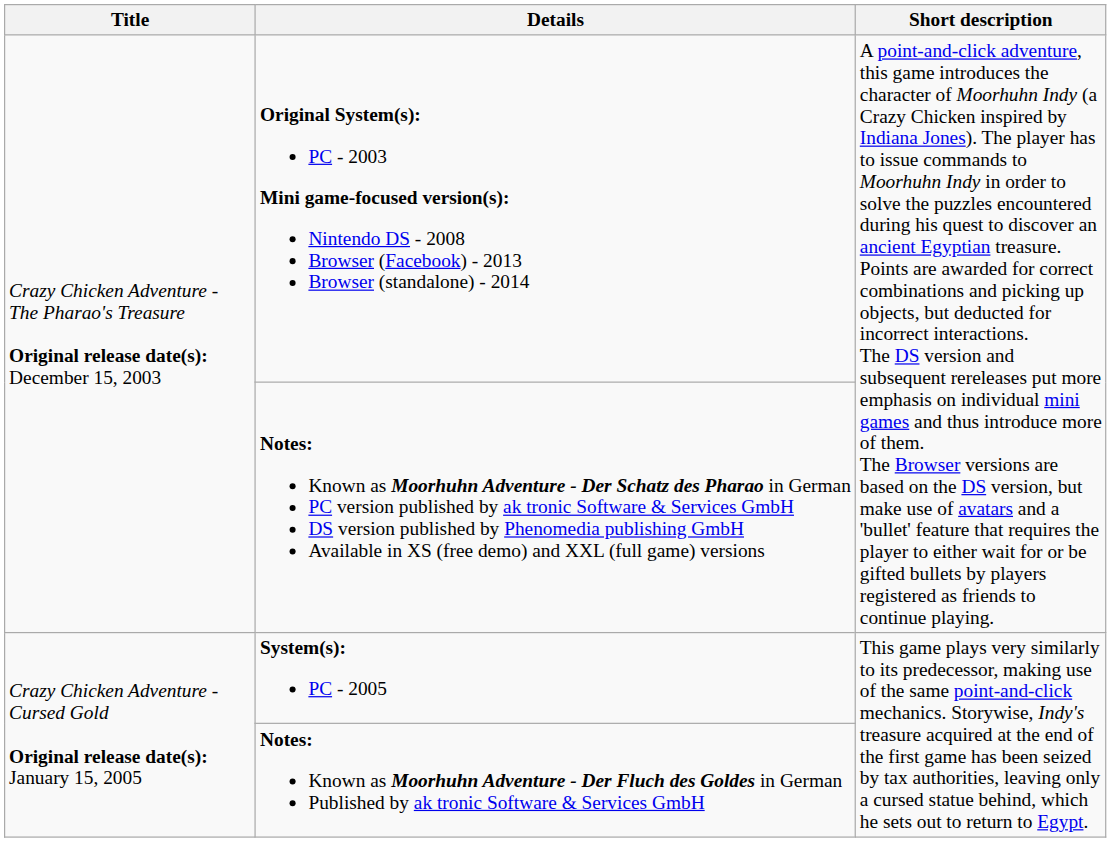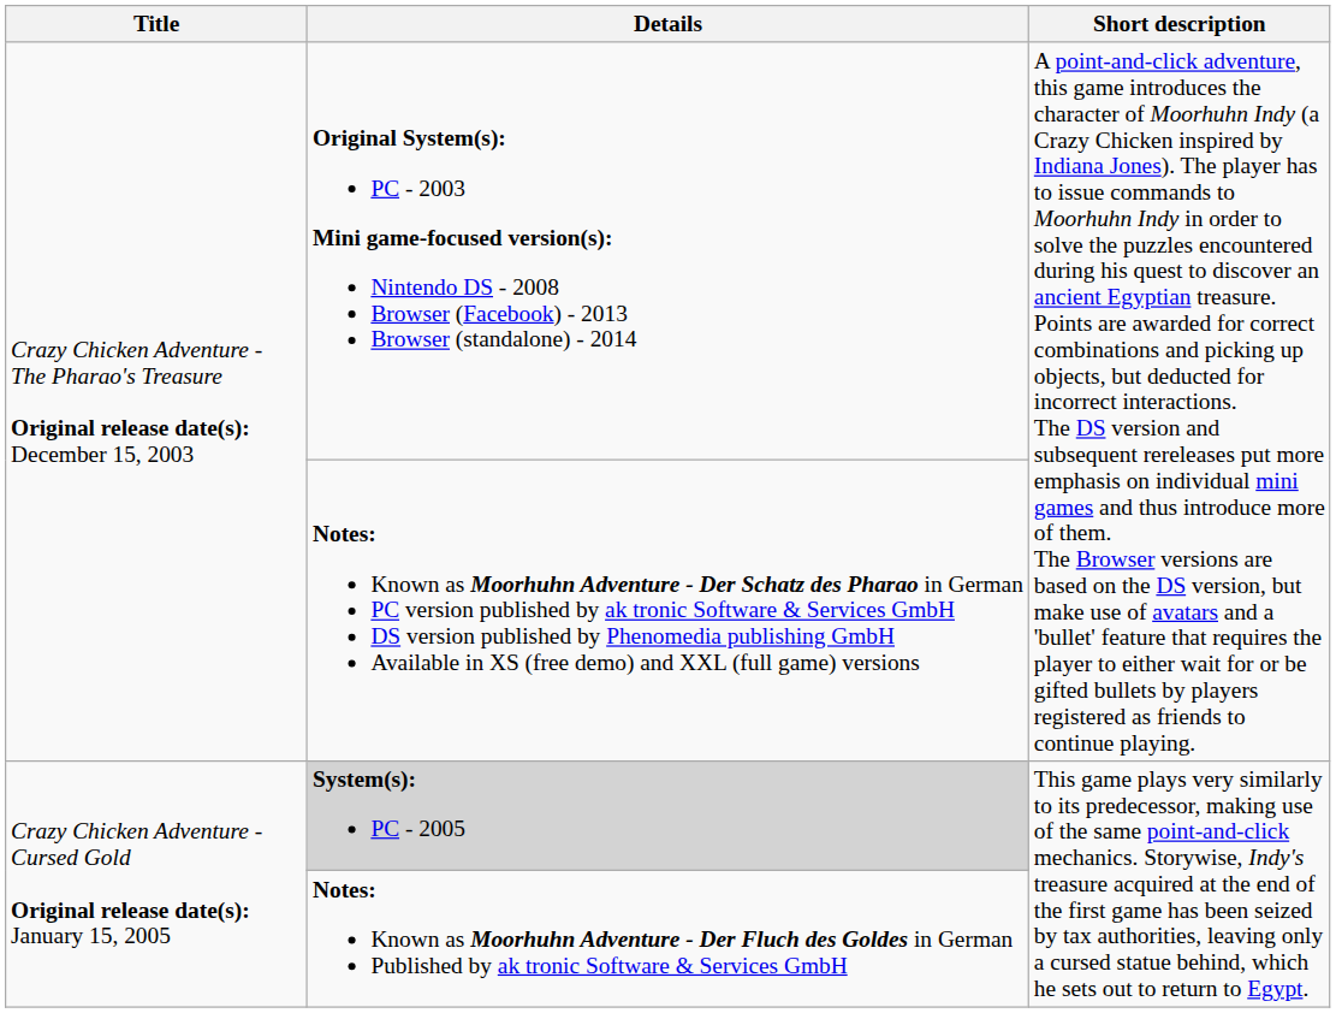 <table class="wikitable">
 <tr>
 <th style="width: 200px;">Title</th>
 <th>Details</th>
 <th style="width: 200px;">Short description</th>
 </tr>
 <tr>
 <td rowspan="2"><div><em>Crazy Chicken Adventure -</em> <em>The Pharao's Treasure</em><strong><br><br>Original release date(s):<br></strong>December 15, 2003<br></div></td>
 <td><strong>Original System(s):</strong><br><ul><li><a href='#'>PC</a> - 2003</li></ul><strong>Mini game-focused version(s):</strong><ul><li><a href='#'>Nintendo DS</a> - 2008</li><li><a href='#'>Browser</a> (<a href='#'>Facebook</a>) - 2013</li><li><a href='#'>Browser</a> (standalone) - 2014</li></ul></td>
 <td rowspan="2">A <a href='#'>point-and-click adventure</a>, this game introduces the character of <em>Moorhuhn Indy</em> (a Crazy Chicken inspired by <a href='#'>Indiana Jones</a>). The player has to issue commands to <em>Moorhuhn Indy</em> in order to solve the puzzles encountered during his quest to discover an <a href='#'>ancient Egyptian</a> treasure. Points are awarded for correct combinations and picking up objects, but deducted for incorrect interactions.<br>The <a href='#'>DS</a> version and subsequent rereleases put more emphasis on individual <a href='#'>mini games</a> and thus introduce more of them.<br>The <a href='#'>Browser</a> versions are based on the <a href='#'>DS</a> version, but make use of <a href='#'>avatars</a> and a 'bullet' feature that requires the player to either wait for or be gifted bullets by players registered as friends to continue playing.</td>
 </tr>
 <tr>
 <td><strong>Notes:</strong><br><ul><li>Known as <strong><em>Moorhuhn Adventure - Der Schatz des Pharao</em></strong> in German</li><li><a href='#'>PC</a> version published by <a href='#'>ak tronic Software & Services GmbH</a></li><li><a href='#'>DS</a> version published by <a href='#'>Phenomedia publishing GmbH</a></li><li>Available in XS (free demo) and XXL (full game) versions</li></ul></td>
 </tr>
 <tr>
 <td rowspan="2"><div><em>Crazy Chicken Adventure - Cursed Gold</em><strong><br><br>Original release date(s):<br></strong>January 15, 2005<br></div></td>
-<td><strong>System(s):</strong><br><ul><li><a href='#'>PC</a> - 2005</li></ul></td>
+<td style="background: lightgrey;"><strong>System(s):</strong><br><ul><li><a href='#'>PC</a> - 2005</li></ul></td>
 <td rowspan="2">This game plays very similarly to its predecessor, making use of the same <a href='#'>point-and-click</a> mechanics. Storywise, <em>Indy's</em> treasure acquired at the end of the first game has been seized by tax authorities, leaving only a cursed statue behind, which he sets out to return to <a href='#'>Egypt</a>.</td>
 </tr>
 <tr>
 <td><strong>Notes:</strong><br><ul><li>Known as <strong><em>Moorhuhn Adventure - Der Fluch des Goldes</em></strong> in German</li><li>Published by <a href='#'>ak tronic Software & Services GmbH</a></li></ul></td>
 </tr>
 </table>
